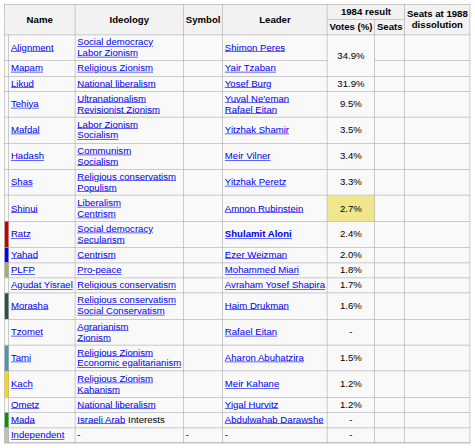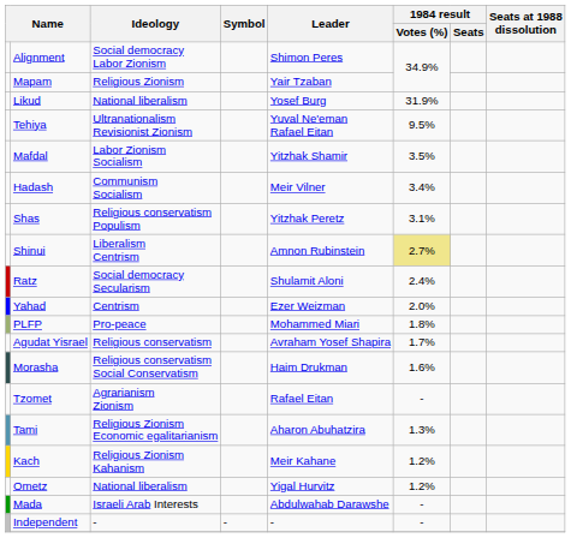 <table class="wikitable">
 <tr>
 <th rowspan="2" colspan=2>Name</th>
 <th rowspan="2">Ideology</th>
 <th rowspan="2">Symbol</th>
 <th rowspan="2">Leader</th>
 <th colspan="2">1984 result</th>
 <th rowspan="2">Seats at 1988<br>dissolution</th>
 </tr>
 <tr>
 <th>Votes (%)</th>
 <th>Seats</th>
 </tr>
 <tr>
 <td style="background:"></td>
 <td><a href='#'>Alignment</a></td>
 <td><a href='#'>Social democracy</a><br><a href='#'>Labor Zionism</a></td>
 <td></td>
 <td><a href='#'>Shimon Peres</a></td>
 <td style="text-align:center;" rowspan=2>34.9%</td>
 <td></td>
 <td></td>
 </tr>
 <tr>
 <td style="background:"></td>
 <td><a href='#'>Mapam</a></td>
 <td><a href='#'>Religious Zionism</a></td>
 <td></td>
 <td><a href='#'>Yair Tzaban</a></td>
 <td></td>
 <td></td>
 </tr>
 <tr>
 <td style="background:"></td>
 <td><a href='#'>Likud</a></td>
 <td><a href='#'>National liberalism</a></td>
 <td></td>
 <td><a href='#'>Yosef Burg</a></td>
 <td style="text-align:center;" rowspan=1>31.9%</td>
 <td></td>
 <td></td>
 </tr>
 <tr>
 <td style="background:"></td>
 <td><a href='#'>Tehiya</a></td>
 <td><a href='#'>Ultranationalism</a><br><a href='#'>Revisionist Zionism</a></td>
 <td></td>
 <td><a href='#'>Yuval Ne'eman</a><br><a href='#'>Rafael Eitan</a></td>
 <td style="text-align:center;">9.5%</td>
 <td></td>
 <td></td>
 </tr>
 <tr>
 <td style="background:"></td>
 <td><a href='#'>Mafdal</a></td>
 <td><a href='#'>Labor Zionism</a><br><a href='#'>Socialism</a></td>
 <td></td>
 <td><a href='#'>Yitzhak Shamir</a></td>
 <td style="text-align:center;">3.5%</td>
 <td></td>
 <td></td>
 </tr>
 <tr>
 <td style="background:"></td>
 <td><a href='#'>Hadash</a></td>
 <td><a href='#'>Communism</a><br><a href='#'>Socialism</a></td>
 <td></td>
 <td><a href='#'>Meir Vilner</a></td>
 <td style="text-align:center;">3.4%</td>
 <td></td>
 <td></td>
 </tr>
 <tr>
 <td style="background:"></td>
 <td><a href='#'>Shas</a></td>
 <td><a href='#'>Religious conservatism</a><br><a href='#'>Populism</a></td>
 <td></td>
 <td><a href='#'>Yitzhak Peretz</a></td>
-<td style="text-align:center;">3.3%</td>
+<td style="text-align:center;">3.1%</td>
 <td></td>
 <td></td>
 </tr>
 <tr>
 <td style="background:"></td>
 <td><a href='#'>Shinui</a></td>
 <td><a href='#'>Liberalism</a><br><a href='#'>Centrism</a></td>
 <td></td>
 <td><a href='#'>Amnon Rubinstein</a></td>
 <td style="background: khaki; text-align:center;">2.7%</td>
 <td></td>
 <td></td>
 </tr>
 <tr>
 <td style="background:#C80004;"></td>
 <td><a href='#'>Ratz</a></td>
 <td><a href='#'>Social democracy</a><br><a href='#'>Secularism</a></td>
 <td></td>
-<td><strong><a href='#'>Shulamit Aloni</a></strong></td>
+<td><a href='#'>Shulamit Aloni</a></td>
 <td style="text-align:center;">2.4%</td>
 <td></td>
 <td></td>
 </tr>
 <tr>
 <td style="background:#0000FE;"></td>
 <td><a href='#'>Yahad</a></td>
 <td><a href='#'>Centrism</a></td>
 <td></td>
 <td><a href='#'>Ezer Weizman</a></td>
 <td style="text-align:center;">2.0%</td>
 <td></td>
 <td></td>
 </tr>
 <tr>
 <td style="background:#9CB071;"></td>
 <td><a href='#'>PLFP</a></td>
 <td><a href='#'>Pro-peace</a></td>
 <td></td>
 <td><a href='#'>Mohammed Miari</a></td>
 <td style="text-align:center;">1.8%</td>
 <td></td>
 <td></td>
 </tr>
 <tr>
 <td style="background:"></td>
 <td><a href='#'>Agudat Yisrael</a></td>
 <td><a href='#'>Religious conservatism</a></td>
 <td></td>
 <td><a href='#'>Avraham Yosef Shapira</a></td>
 <td style="text-align:center;">1.7%</td>
 <td></td>
 <td></td>
 </tr>
 <tr>
 <td style="background:#2F4F4F;"></td>
 <td><a href='#'>Morasha</a></td>
 <td><a href='#'>Religious conservatism</a><br><a href='#'>Social Conservatism</a></td>
 <td></td>
 <td><a href='#'>Haim Drukman</a></td>
 <td style="text-align:center;">1.6%</td>
 <td></td>
 <td></td>
 </tr>
 <tr>
 <td style="background:"></td>
 <td><a href='#'>Tzomet</a></td>
 <td><a href='#'>Agrarianism</a><br><a href='#'>Zionism</a></td>
 <td></td>
 <td><a href='#'>Rafael Eitan</a></td>
 <td style="text-align:center;">-</td>
 <td></td>
 <td></td>
 </tr>
 <tr>
 <td style="background:#5294AE;"></td>
 <td><a href='#'>Tami</a></td>
 <td><a href='#'>Religious Zionism</a><br><a href='#'>Economic egalitarianism</a></td>
 <td></td>
 <td><a href='#'>Aharon Abuhatzira</a></td>
-<td style="text-align:center;">1.5%</td>
+<td style="text-align:center;">1.3%</td>
 <td></td>
 <td></td>
 </tr>
 <tr>
 <td style="background:#FFD700;"></td>
 <td><a href='#'>Kach</a></td>
 <td><a href='#'>Religious Zionism</a><br><a href='#'>Kahanism</a></td>
 <td></td>
 <td><a href='#'>Meir Kahane</a></td>
 <td style="text-align:center;">1.2%</td>
 <td></td>
 <td></td>
 </tr>
 <tr>
 <td style="background:"></td>
 <td><a href='#'>Ometz</a></td>
 <td><a href='#'>National liberalism</a></td>
 <td></td>
 <td><a href='#'>Yigal Hurvitz</a></td>
 <td style="text-align:center;">1.2%</td>
 <td></td>
 <td></td>
 </tr>
 <tr>
 <td style="background:#009900;"></td>
 <td><a href='#'>Mada</a></td>
 <td><a href='#'>Israeli Arab</a> Interests</td>
 <td></td>
 <td><a href='#'>Abdulwahab Darawshe</a></td>
 <td style="text-align:center;">-</td>
 <td></td>
 <td></td>
 </tr>
 <tr>
 <td style="background:#c0c0c0;"></td>
 <td><a href='#'>Independent</a></td>
 <td>-</td>
 <td>-</td>
 <td>-</td>
 <td style="text-align:center;">-</td>
 <td></td>
 <td></td>
 </tr>
 <tr>
 </tr>
 </table>
